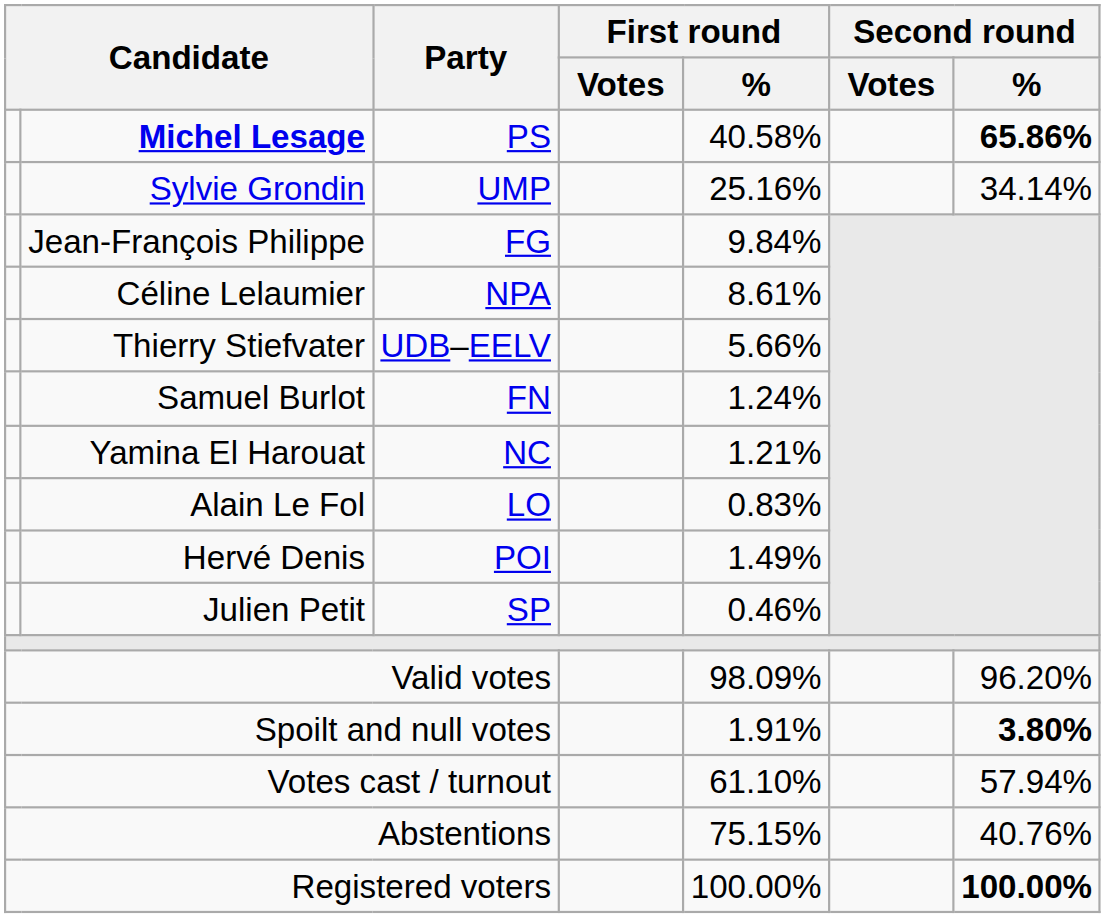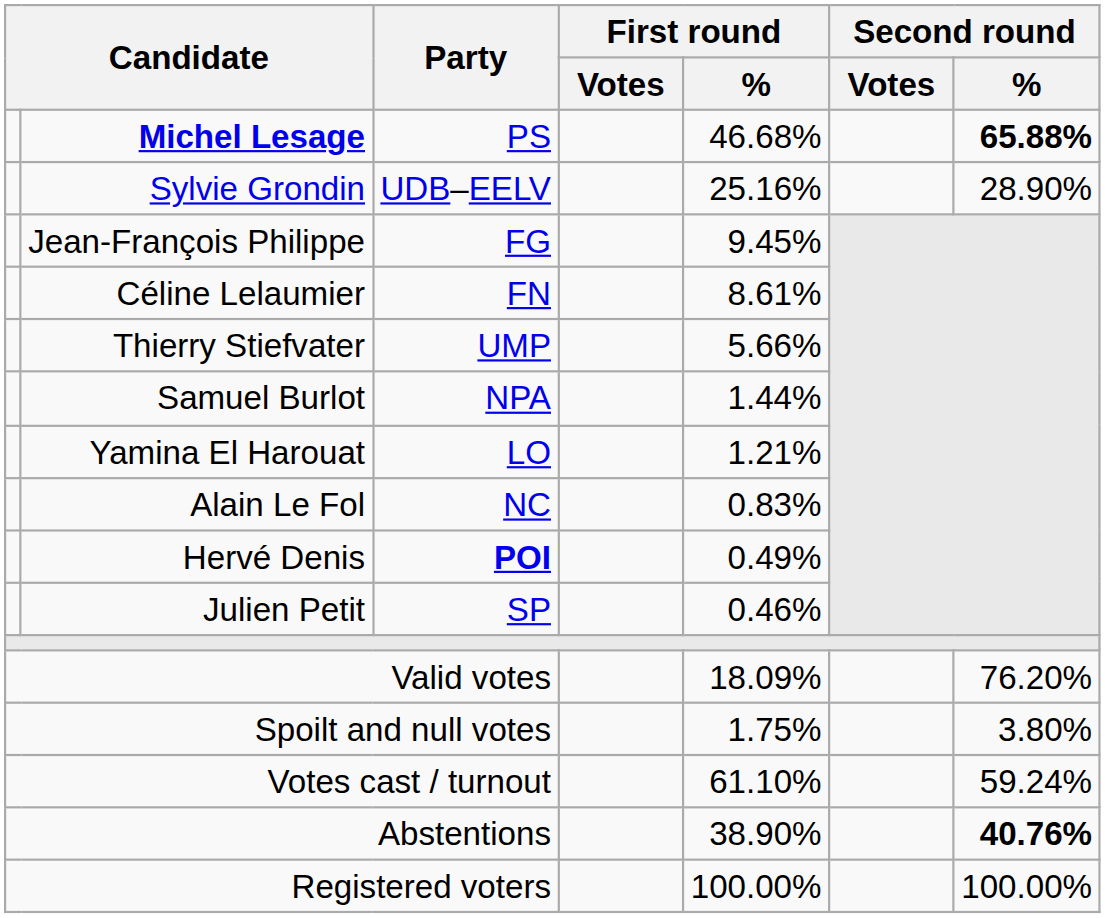 <table class="wikitable" style="text-align:right;font-size:95%;">
 <tr>
 <th rowspan=2 colspan=2>Candidate</th>
 <th rowspan=2 colspan=1>Party</th>
 <th colspan=2>First round</th>
 <th colspan=2>Second round</th>
 </tr>
 <tr>
 <th style="width:50px;">Votes</th>
 <th style="width:55px;">%</th>
 <th style="width:50px;">Votes</th>
 <th style="width:55px;">%</th>
 </tr>
 <tr>
 <td style="color:inherit;background-color:"></td>
 <td><strong><a href='#'>Michel Lesage</a></strong></td>
 <td><a href='#'>PS</a></td>
 <td></td>
-<td>40.58%</td>
+<td>46.68%</td>
 <td><strong></strong></td>
-<td><strong>65.86%</strong></td>
+<td><strong>65.88%</strong></td>
 </tr>
 <tr>
 <td style="color:inherit;background-color:"></td>
 <td><a href='#'>Sylvie Grondin</a></td>
-<td><a href='#'>UMP</a></td>
+<td><a href='#'>UDB</a>–<a href='#'>EELV</a></td>
 <td></td>
 <td>25.16%</td>
 <td></td>
-<td>34.14%</td>
+<td>28.90%</td>
 </tr>
 <tr>
 <td style="color:inherit;background-color:"></td>
 <td>Jean-François Philippe</td>
 <td><a href='#'>FG</a></td>
 <td></td>
-<td>9.84%</td>
+<td>9.45%</td>
 <td colspan=7 rowspan=8 style="background-color:#E9E9E9;"></td>
 </tr>
 <tr>
 <td style="color:inherit;background-color:"></td>
 <td>Céline Lelaumier</td>
-<td><a href='#'>NPA</a></td>
+<td><a href='#'>FN</a></td>
 <td></td>
 <td>8.61%</td>
 </tr>
 <tr>
 <td style="color:inherit;background-color:"></td>
 <td>Thierry Stiefvater</td>
-<td><a href='#'>UDB</a>–<a href='#'>EELV</a></td>
+<td><a href='#'>UMP</a></td>
 <td></td>
 <td>5.66%</td>
 </tr>
 <tr>
 <td style="color:inherit;background-color:"></td>
 <td>Samuel Burlot</td>
-<td><a href='#'>FN</a></td>
+<td><a href='#'>NPA</a></td>
 <td></td>
-<td>1.24%</td>
+<td>1.44%</td>
 </tr>
 <tr>
 <td style="color:inherit;background-color:"></td>
 <td>Yamina El Harouat</td>
-<td><a href='#'>NC</a></td>
+<td><a href='#'>LO</a></td>
 <td></td>
 <td>1.21%</td>
 </tr>
 <tr>
 <td style="color:inherit;background-color:"></td>
 <td>Alain Le Fol</td>
-<td><a href='#'>LO</a></td>
+<td><a href='#'>NC</a></td>
 <td></td>
 <td>0.83%</td>
 </tr>
 <tr>
 <td style="color:inherit;background-color:"></td>
 <td>Hervé Denis</td>
-<td><a href='#'>POI</a></td>
+<td><strong><a href='#'>POI</a></strong></td>
 <td></td>
-<td>1.49%</td>
+<td>0.49%</td>
 </tr>
 <tr>
 <td style="color:inherit;background-color:"></td>
 <td>Julien Petit</td>
 <td><a href='#'>SP</a></td>
 <td></td>
 <td>0.46%</td>
 </tr>
 <tr>
 <td colspan=7 style="background-color:#E9E9E9;"></td>
 </tr>
 <tr>
 <td colspan=3>Valid votes</td>
 <td></td>
-<td>98.09%</td>
+<td>18.09%</td>
 <td></td>
-<td>96.20%</td>
+<td>76.20%</td>
 </tr>
 <tr>
 <td colspan=3>Spoilt and null votes</td>
 <td></td>
-<td>1.91%</td>
+<td>1.75%</td>
 <td></td>
-<td><strong>3.80%</strong></td>
+<td>3.80%</td>
 </tr>
 <tr>
 <td colspan=3>Votes cast / turnout</td>
 <td></td>
 <td>61.10%</td>
 <td></td>
-<td>57.94%</td>
+<td>59.24%</td>
 </tr>
 <tr>
 <td colspan=3>Abstentions</td>
 <td></td>
-<td>75.15%</td>
+<td>38.90%</td>
 <td></td>
-<td>40.76%</td>
+<td><strong>40.76%</strong></td>
 </tr>
 <tr>
 <td colspan=3>Registered voters</td>
 <td></td>
 <td>100.00%</td>
 <td></td>
-<td><strong>100.00%</strong></td>
+<td>100.00%</td>
 </tr>
 </table>
